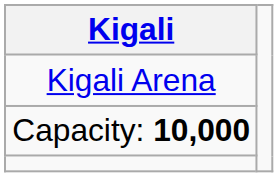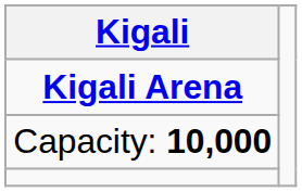 <table class="wikitable" style="text-align:center;">
 <tr>
 <th><a href='#'>Kigali</a></th>
 <td rowspan="4"><br></td>
 </tr>
 <tr>
-<td><a href='#'>Kigali Arena</a></td>
+<td><strong><a href='#'>Kigali Arena</a></strong></td>
 </tr>
 <tr>
 <td>Capacity: <strong>10,000</strong></td>
 </tr>
 <tr>
 <td></td>
 </tr>
 </table>
